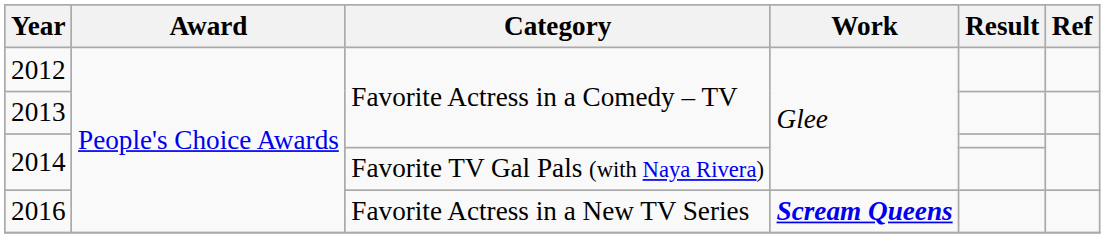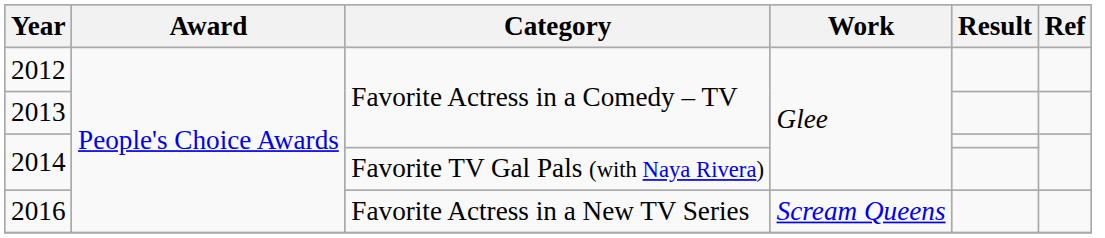 <table class="wikitable">
 <tr>
 <th>Year</th>
 <th>Award</th>
 <th>Category</th>
 <th>Work</th>
 <th>Result</th>
 <th>Ref</th>
 </tr>
 <tr>
 <td>2012</td>
 <td rowspan="5"><a href='#'>People's Choice Awards</a></td>
 <td rowspan="3">Favorite Actress in a Comedy – TV</td>
 <td rowspan="4"><em>Glee</em></td>
 <td></td>
 <td></td>
 </tr>
 <tr>
 <td>2013</td>
 <td></td>
 <td></td>
 </tr>
 <tr>
 <td rowspan="2">2014</td>
 <td></td>
 <td rowspan="2"></td>
 </tr>
 <tr>
 <td>Favorite TV Gal Pals <small>(with <a href='#'>Naya Rivera</a>)</small></td>
 <td></td>
 </tr>
 <tr>
 <td>2016</td>
 <td>Favorite Actress in a New TV Series</td>
-<td><strong><em><a href='#'>Scream Queens</a></em></strong></td>
+<td><em><a href='#'>Scream Queens</a></em></td>
 <td></td>
 <td></td>
 </tr>
 <tr>
 </tr>
 </table>
